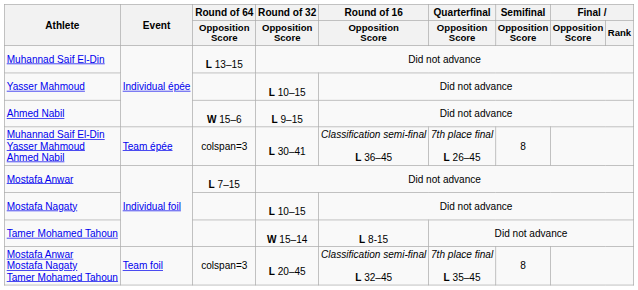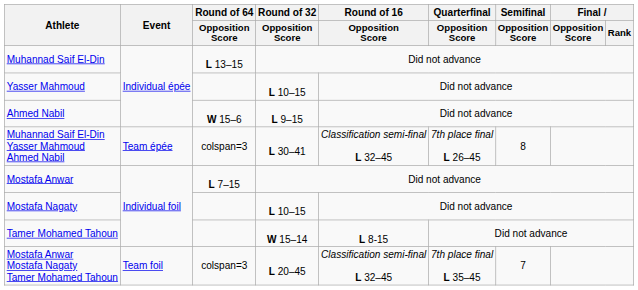 <table class="wikitable" style="font-size:90%">
 <tr>
 <th rowspan="2">Athlete</th>
 <th rowspan="2">Event</th>
 <th>Round of 64</th>
 <th>Round of 32</th>
 <th>Round of 16</th>
 <th>Quarterfinal</th>
 <th>Semifinal</th>
 <th colspan=2>Final / </th>
 </tr>
 <tr style="font-size:95%">
 <th>Opposition <br> Score</th>
 <th>Opposition <br> Score</th>
 <th>Opposition <br> Score</th>
 <th>Opposition <br> Score</th>
 <th>Opposition <br> Score</th>
 <th>Opposition <br> Score</th>
 <th>Rank</th>
 </tr>
 <tr align=center>
 <td align=left><a href='#'>Muhannad Saif El-Din</a></td>
 <td align=left rowspan=3><a href='#'>Individual épée</a></td>
 <td><br><strong>L</strong> 13–15</td>
 <td colspan=7>Did not advance</td>
 </tr>
 <tr align=center>
 <td align=left><a href='#'>Yasser Mahmoud</a></td>
 <td></td>
 <td><br><strong>L</strong> 10–15</td>
 <td colspan=6>Did not advance</td>
 </tr>
 <tr align=center>
 <td align=left><a href='#'>Ahmed Nabil</a></td>
 <td><br><strong>W</strong> 15–6</td>
 <td><br><strong>L</strong> 9–15</td>
 <td colspan=6>Did not advance</td>
 </tr>
 <tr align=center>
 <td align=left><a href='#'>Muhannad Saif El-Din</a><br><a href='#'>Yasser Mahmoud</a><br><a href='#'>Ahmed Nabil</a></td>
 <td align=left><a href='#'>Team épée</a></td>
 <td>colspan=3 </td>
 <td><br><strong>L</strong> 30–41</td>
-<td><em>Classification semi-final</em><br><br><strong>L</strong> 36–45</td>
+<td><em>Classification semi-final</em><br><br><strong>L</strong> 32–45</td>
 <td><em>7th place final</em><br><br><strong>L</strong> 26–45</td>
 <td>8</td>
 </tr>
 <tr align=center>
 <td align=left><a href='#'>Mostafa Anwar</a></td>
 <td align=left rowspan=3><a href='#'>Individual foil</a></td>
 <td><br><strong>L</strong> 7–15</td>
 <td colspan=7>Did not advance</td>
 </tr>
 <tr align=center>
 <td align=left><a href='#'>Mostafa Nagaty</a></td>
 <td></td>
 <td><br><strong>L</strong> 10–15</td>
 <td colspan=6>Did not advance</td>
 </tr>
 <tr align=center>
 <td align=left><a href='#'>Tamer Mohamed Tahoun</a></td>
 <td></td>
 <td><br><strong>W</strong> 15–14</td>
 <td><br><strong>L</strong> 8-15</td>
 <td colspan=5>Did not advance</td>
 </tr>
 <tr align=center>
 <td align=left><a href='#'>Mostafa Anwar</a><br><a href='#'>Mostafa Nagaty</a><br><a href='#'>Tamer Mohamed Tahoun</a></td>
 <td align=left><a href='#'>Team foil</a></td>
 <td>colspan=3 </td>
 <td><br><strong>L</strong> 20–45</td>
 <td><em>Classification semi-final</em><br><br><strong>L</strong> 32–45</td>
 <td><em>7th place final</em><br><br><strong>L</strong> 35–45</td>
-<td>8</td>
+<td>7</td>
 </tr>
 </table>
